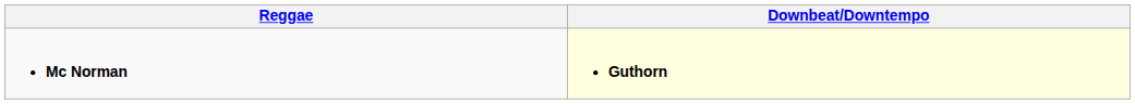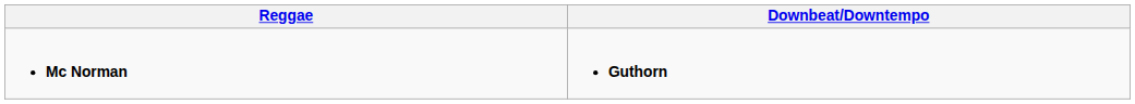 <table class="wikitable" style="width:95%">
 <tr>
 <th width="50%"><a href='#'>Reggae</a></th>
 <th width="50%"><a href='#'>Downbeat/Downtempo</a></th>
 </tr>
 <tr>
 <td valign="top"><br><ul><li><strong>Mc Norman</strong></li></ul></td>
-<td valign="top" style="background: lightyellow;"><br><ul><li><strong>Guthorn</strong></li></ul></td>
+<td valign="top"><br><ul><li><strong>Guthorn</strong></li></ul></td>
 </tr>
 </table>
